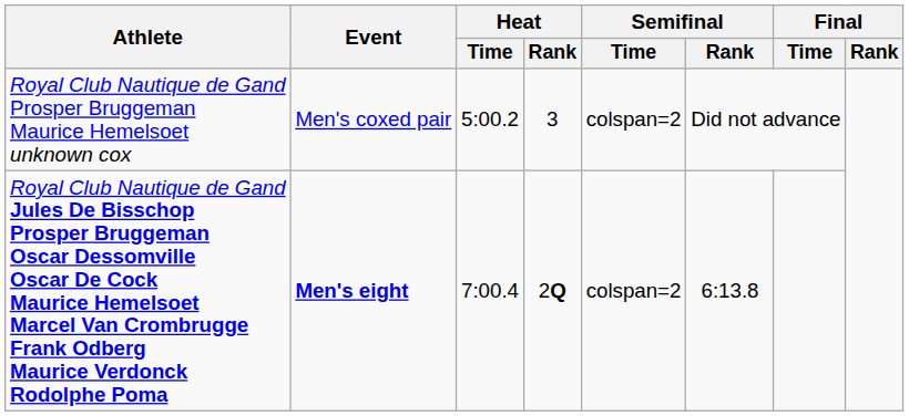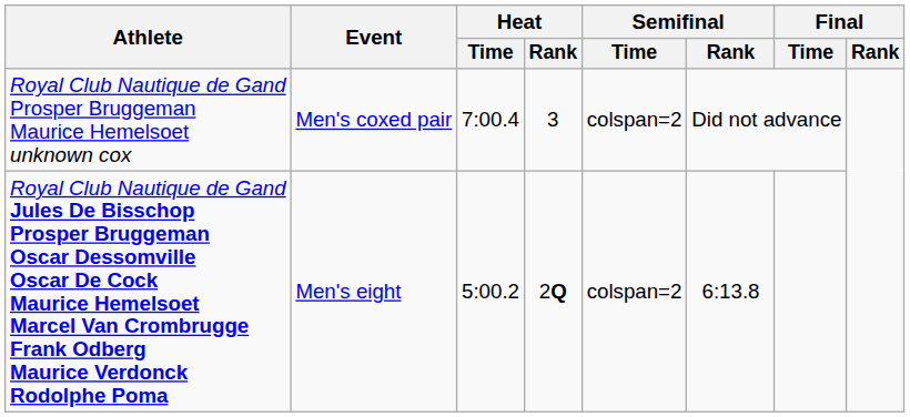 <table class=wikitable style=font-size:90%;text-align:center>
 <tr>
 <th rowspan=2>Athlete</th>
 <th rowspan=2>Event</th>
 <th colspan=2>Heat</th>
 <th colspan=2>Semifinal</th>
 <th colspan=2>Final</th>
 </tr>
 <tr style=font-size:95%>
 <th>Time</th>
 <th>Rank</th>
 <th>Time</th>
 <th>Rank</th>
 <th>Time</th>
 <th>Rank</th>
 </tr>
 <tr>
 <td align=left><em><a href='#'>Royal Club Nautique de Gand</a></em><br><a href='#'>Prosper Bruggeman</a><br><a href='#'>Maurice Hemelsoet</a><br><em>unknown cox</em></td>
 <td align=left><a href='#'>Men's coxed pair</a></td>
-<td>5:00.2</td>
+<td>7:00.4</td>
 <td>3</td>
 <td>colspan=2 </td>
 <td colspan=2>Did not advance</td>
 </tr>
 <tr>
 <td align=left><em><a href='#'>Royal Club Nautique de Gand</a></em><br><strong><a href='#'>Jules De Bisschop</a><br><a href='#'>Prosper Bruggeman</a><br><a href='#'>Oscar Dessomville</a><br><a href='#'>Oscar De Cock</a><br><a href='#'>Maurice Hemelsoet</a><br><a href='#'>Marcel Van Crombrugge</a><br><a href='#'>Frank Odberg</a><br><a href='#'>Maurice Verdonck</a><br><a href='#'>Rodolphe Poma</a></strong></td>
-<td align=left><strong><a href='#'>Men's eight</a></strong></td>
-<td>7:00.4</td>
+<td align=left><a href='#'>Men's eight</a></td>
+<td>5:00.2</td>
 <td>2<strong>Q</strong></td>
 <td>colspan=2 </td>
 <td>6:13.8</td>
 <td></td>
 </tr>
 </table>
